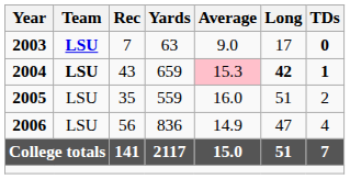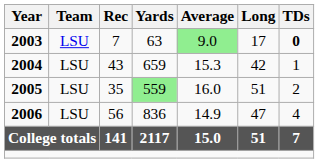 <table class="wikitable" style="text-align:center;">
 <tr>
 <th>Year</th>
 <th>Team</th>
 <th>Rec</th>
 <th>Yards</th>
 <th>Average</th>
 <th>Long</th>
 <th>TDs</th>
 </tr>
 <tr>
 <td><strong>2003</strong></td>
-<td><strong><a href='#'>LSU</a></strong></td>
+<td><a href='#'>LSU</a></td>
 <td>7</td>
 <td>63</td>
-<td>9.0</td>
+<td style="background: lightgreen;">9.0</td>
 <td>17</td>
 <td><strong>0</strong></td>
 </tr>
 <tr>
 <td><strong>2004</strong></td>
-<td><strong>LSU</strong></td>
+<td>LSU</td>
 <td>43</td>
 <td>659</td>
-<td style="background: pink;">15.3</td>
-<td><strong>42</strong></td>
-<td><strong>1</strong></td>
+<td>15.3</td>
+<td>42</td>
+<td>1</td>
 </tr>
 <tr>
 <td><strong>2005</strong></td>
 <td>LSU</td>
 <td>35</td>
-<td>559</td>
+<td style="background: lightgreen;">559</td>
 <td>16.0</td>
 <td>51</td>
 <td>2</td>
 </tr>
 <tr>
 <td><strong>2006</strong></td>
 <td>LSU</td>
 <td>56</td>
 <td>836</td>
 <td>14.9</td>
 <td>47</td>
 <td>4</td>
 </tr>
 <tr style="background:#555; font-weight:bold; color:white;">
 <td colspan=2>College totals</td>
 <td>141</td>
 <td>2117</td>
 <td>15.0</td>
 <td>51</td>
 <td>7</td>
 </tr>
 <tr>
 <td colspan=7 style="text-align:left;"></td>
 </tr>
 </table>
